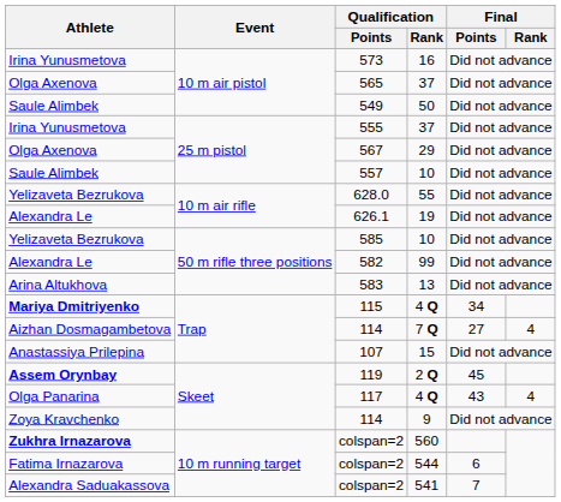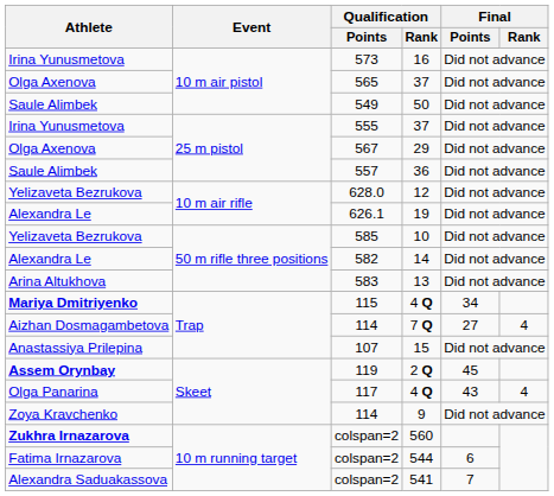 <table class=wikitable style=font-size:90%;text-align:center>
 <tr>
 <th rowspan="2">Athlete</th>
 <th rowspan="2">Event</th>
 <th colspan=2>Qualification</th>
 <th colspan=2>Final</th>
 </tr>
 <tr style="font-size:95%">
 <th>Points</th>
 <th>Rank</th>
 <th>Points</th>
 <th>Rank</th>
 </tr>
 <tr>
 <td align=left><a href='#'>Irina Yunusmetova</a></td>
 <td align=left rowspan=3><a href='#'>10 m air pistol</a></td>
 <td>573</td>
 <td>16</td>
 <td colspan=2>Did not advance</td>
 </tr>
 <tr>
 <td align=left><a href='#'>Olga Axenova</a></td>
 <td>565</td>
 <td>37</td>
 <td colspan=2>Did not advance</td>
 </tr>
 <tr>
 <td align=left><a href='#'>Saule Alimbek</a></td>
 <td>549</td>
 <td>50</td>
 <td colspan=2>Did not advance</td>
 </tr>
 <tr>
 <td align=left><a href='#'>Irina Yunusmetova</a></td>
 <td align=left rowspan=3><a href='#'>25 m pistol</a></td>
 <td>555</td>
 <td>37</td>
 <td colspan=2>Did not advance</td>
 </tr>
 <tr>
 <td align=left><a href='#'>Olga Axenova</a></td>
 <td>567</td>
 <td>29</td>
 <td colspan=2>Did not advance</td>
 </tr>
 <tr>
 <td align=left><a href='#'>Saule Alimbek</a></td>
 <td>557</td>
-<td>10</td>
+<td>36</td>
 <td colspan=2>Did not advance</td>
 </tr>
 <tr>
 <td align=left><a href='#'>Yelizaveta Bezrukova</a></td>
 <td align=left rowspan=2><a href='#'>10 m air rifle</a></td>
 <td>628.0</td>
-<td>55</td>
+<td>12</td>
 <td colspan=2>Did not advance</td>
 </tr>
 <tr>
 <td align=left><a href='#'>Alexandra Le</a></td>
 <td>626.1</td>
 <td>19</td>
 <td colspan=2>Did not advance</td>
 </tr>
 <tr>
 <td align=left><a href='#'>Yelizaveta Bezrukova</a></td>
 <td align=left rowspan=3><a href='#'>50 m rifle three positions</a></td>
 <td>585</td>
 <td>10</td>
 <td colspan=2>Did not advance</td>
 </tr>
 <tr>
 <td align=left><a href='#'>Alexandra Le</a></td>
 <td>582</td>
-<td>99</td>
+<td>14</td>
 <td colspan=2>Did not advance</td>
 </tr>
 <tr>
 <td align=left><a href='#'>Arina Altukhova</a></td>
 <td>583</td>
 <td>13</td>
 <td colspan=2>Did not advance</td>
 </tr>
 <tr>
 <td align=left><strong><a href='#'>Mariya Dmitriyenko</a></strong></td>
 <td align=left rowspan=3><a href='#'>Trap</a></td>
 <td>115</td>
 <td>4 <strong>Q</strong></td>
 <td>34</td>
 <td></td>
 </tr>
 <tr>
 <td align=left><a href='#'>Aizhan Dosmagambetova</a></td>
 <td>114</td>
 <td>7 <strong>Q</strong></td>
 <td>27</td>
 <td>4</td>
 </tr>
 <tr>
 <td align=left><a href='#'>Anastassiya Prilepina</a></td>
 <td>107</td>
 <td>15</td>
 <td colspan=2>Did not advance</td>
 </tr>
 <tr>
 <td align=left><strong><a href='#'>Assem Orynbay</a></strong></td>
 <td align=left rowspan=3><a href='#'>Skeet</a></td>
 <td>119</td>
 <td>2 <strong>Q</strong></td>
 <td>45</td>
 <td></td>
 </tr>
 <tr>
 <td align=left><a href='#'>Olga Panarina</a></td>
 <td>117</td>
 <td>4 <strong>Q</strong></td>
 <td>43</td>
 <td>4</td>
 </tr>
 <tr>
 <td align=left><a href='#'>Zoya Kravchenko</a></td>
 <td>114</td>
 <td>9</td>
 <td colspan=2>Did not advance</td>
 </tr>
 <tr>
 <td align=left><strong><a href='#'>Zukhra Irnazarova</a></strong></td>
 <td align=left rowspan=3><a href='#'>10 m running target</a></td>
 <td>colspan=2 </td>
 <td>560</td>
 <td></td>
 </tr>
 <tr>
 <td align=left><a href='#'>Fatima Irnazarova</a></td>
 <td>colspan=2 </td>
 <td>544</td>
 <td>6</td>
 </tr>
 <tr>
 <td align=left><a href='#'>Alexandra Saduakassova</a></td>
 <td>colspan=2 </td>
 <td>541</td>
 <td>7</td>
 </tr>
 </table>
